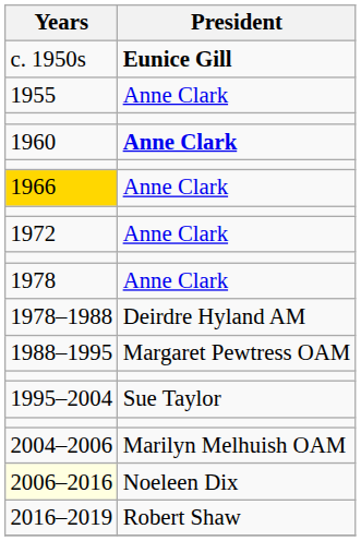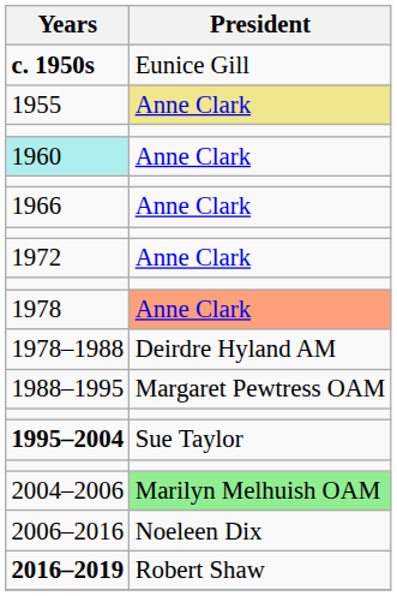 <table class="wikitable collapsible">
 <tr>
 <th>Years</th>
 <th>President</th>
 </tr>
 <tr>
-<td>c. 1950s</td>
-<td><strong>Eunice Gill</strong></td>
+<td><strong>c. 1950s</strong></td>
+<td>Eunice Gill</td>
 </tr>
 <tr>
 <td>1955</td>
+<td style="background: khaki;"><a href='#'>Anne Clark</a></td>
+</tr>
+<tr>
+<td></td>
+</tr>
+<tr>
+<td style="background: paleturquoise;">1960</td>
 <td><a href='#'>Anne Clark</a></td>
 </tr>
 <tr>
 <td></td>
 </tr>
 <tr>
-<td>1960</td>
-<td><strong><a href='#'>Anne Clark</a></strong></td>
-</tr>
-<tr>
-<td></td>
-</tr>
-<tr>
-<td style="background: gold;">1966</td>
+<td>1966</td>
 <td><a href='#'>Anne Clark</a></td>
 </tr>
 <tr>
 <td></td>
 </tr>
 <tr>
 <td>1972</td>
 <td><a href='#'>Anne Clark</a></td>
 </tr>
 <tr>
 <td></td>
 </tr>
 <tr>
 <td>1978</td>
-<td><a href='#'>Anne Clark</a></td>
+<td style="background: lightsalmon;"><a href='#'>Anne Clark</a></td>
 </tr>
 <tr>
 <td>1978–1988</td>
 <td>Deirdre Hyland AM</td>
 </tr>
 <tr>
 <td>1988–1995</td>
 <td>Margaret Pewtress OAM</td>
 </tr>
 <tr>
 <td></td>
 </tr>
 <tr>
-<td>1995–2004</td>
+<td><strong>1995–2004</strong></td>
 <td>Sue Taylor</td>
 </tr>
 <tr>
 <td></td>
 </tr>
 <tr>
 <td>2004–2006</td>
-<td>Marilyn Melhuish OAM</td>
+<td style="background: lightgreen;">Marilyn Melhuish OAM</td>
 </tr>
 <tr>
-<td style="background: lightyellow;">2006–2016</td>
+<td>2006–2016</td>
 <td>Noeleen Dix</td>
 </tr>
 <tr>
-<td>2016–2019</td>
+<td><strong>2016–2019</strong></td>
 <td>Robert Shaw</td>
 </tr>
 <tr>
 </tr>
 </table>
